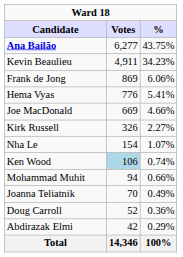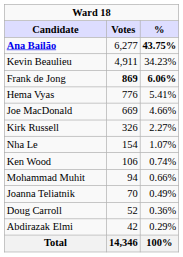 <table class="wikitable">
 <tr>
 <td colspan="3" style="text-align:center;"><strong>Ward 18</strong></td>
 </tr>
 <tr>
 <th style="background:#ddf; width:150px;">Candidate</th>
 <th style="background:#ddf;">Votes</th>
 <th style="background:#ddf;">%</th>
 </tr>
 <tr>
 <td><strong><a href='#'>Ana Bailão</a></strong></td>
 <td align=right>6,277</td>
-<td align=right>43.75%</td>
+<td align=right><strong>43.75%</strong></td>
 </tr>
 <tr>
 <td>Kevin Beaulieu</td>
 <td align=right>4,911</td>
 <td align=right>34.23%</td>
 </tr>
 <tr>
 <td>Frank de Jong</td>
-<td align=right>869</td>
-<td align=right>6.06%</td>
+<td align=right><strong>869</strong></td>
+<td align=right><strong>6.06%</strong></td>
 </tr>
 <tr>
 <td>Hema Vyas</td>
 <td align=right>776</td>
 <td align=right>5.41%</td>
 </tr>
 <tr>
 <td>Joe MacDonald</td>
 <td align=right>669</td>
 <td align=right>4.66%</td>
 </tr>
 <tr>
 <td>Kirk Russell</td>
 <td align=right>326</td>
 <td align=right>2.27%</td>
 </tr>
 <tr>
 <td>Nha Le</td>
 <td align=right>154</td>
 <td align=right>1.07%</td>
 </tr>
 <tr>
 <td>Ken Wood</td>
-<td align=right style="background: lightblue;">106</td>
+<td align=right>106</td>
 <td align=right>0.74%</td>
 </tr>
 <tr>
 <td>Mohammad Muhit</td>
 <td align=right>94</td>
 <td align=right>0.66%</td>
 </tr>
 <tr>
 <td>Joanna Teliatnik</td>
 <td align=right>70</td>
 <td align=right>0.49%</td>
 </tr>
 <tr>
 <td>Doug Carroll</td>
 <td align=right>52</td>
 <td align=right>0.36%</td>
 </tr>
 <tr>
 <td>Abdirazak Elmi</td>
 <td align=right>42</td>
 <td align=right>0.29%</td>
 </tr>
 <tr>
 <th>Total</th>
 <th align=right>14,346</th>
 <th align=right>100%</th>
 </tr>
 </table>
